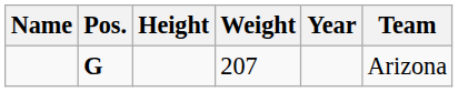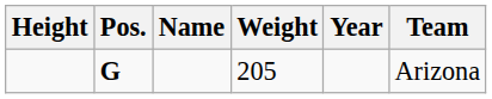 <table class="wikitable sortable" style="font-size:110%;" border="1">
 <tr>
+<th>Height</th>
+<th>Pos.</th>
 <th>Name</th>
-<th>Pos.</th>
-<th>Height</th>
 <th>Weight</th>
 <th>Year</th>
 <th>Team</th>
 </tr>
 <tr>
 <td></td>
 <td><strong>G</strong></td>
 <td></td>
-<td>207</td>
+<td>205</td>
 <td></td>
 <td>Arizona</td>
 </tr>
 </table>
